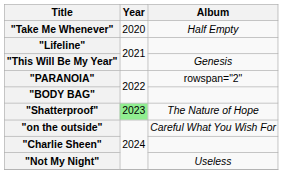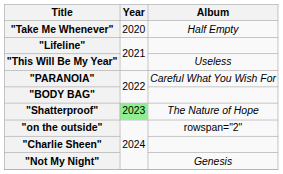 <table class="wikitable plainrowheaders" style="text-align:center;">
 <tr>
 <th rowspan="1">Title</th>
 <th rowspan="1">Year</th>
 <th rowspan="1">Album</th>
 </tr>
 <tr>
 <th scope="row">"Take Me Whenever"<br></th>
 <td>2020</td>
 <td><em>Half Empty</em></td>
 </tr>
 <tr>
 <th scope="row">"Lifeline"<br></th>
 <td rowspan="2">2021</td>
 <td></td>
 </tr>
 <tr>
 <th scope="row">"This Will Be My Year"<br></th>
-<td><em>Genesis</em></td>
+<td><em>Useless</em></td>
 </tr>
 <tr>
 <th scope="row">"PARANOIA"<br></th>
 <td rowspan="2">2022</td>
-<td>rowspan="2" </td>
+<td><em>Careful What You Wish For</em></td>
 </tr>
 <tr>
 <th scope="row">"BODY BAG"<br></th>
 <td></td>
 </tr>
 <tr>
 <th scope="row">"Shatterproof"<br></th>
 <td style="background: lightgreen;">2023</td>
 <td><em>The Nature of Hope</em></td>
 </tr>
 <tr>
 <th scope="row">"on the outside"<br></th>
 <td rowspan="3">2024</td>
-<td><em>Careful What You Wish For</em></td>
+<td>rowspan="2" </td>
 </tr>
 <tr>
 <th scope="row">"Charlie Sheen"<br></th>
 </tr>
 <tr>
 <th scope="row">"Not My Night"<br></th>
-<td><em>Useless</em></td>
+<td><em>Genesis</em></td>
 </tr>
 <tr>
 </tr>
 </table>
